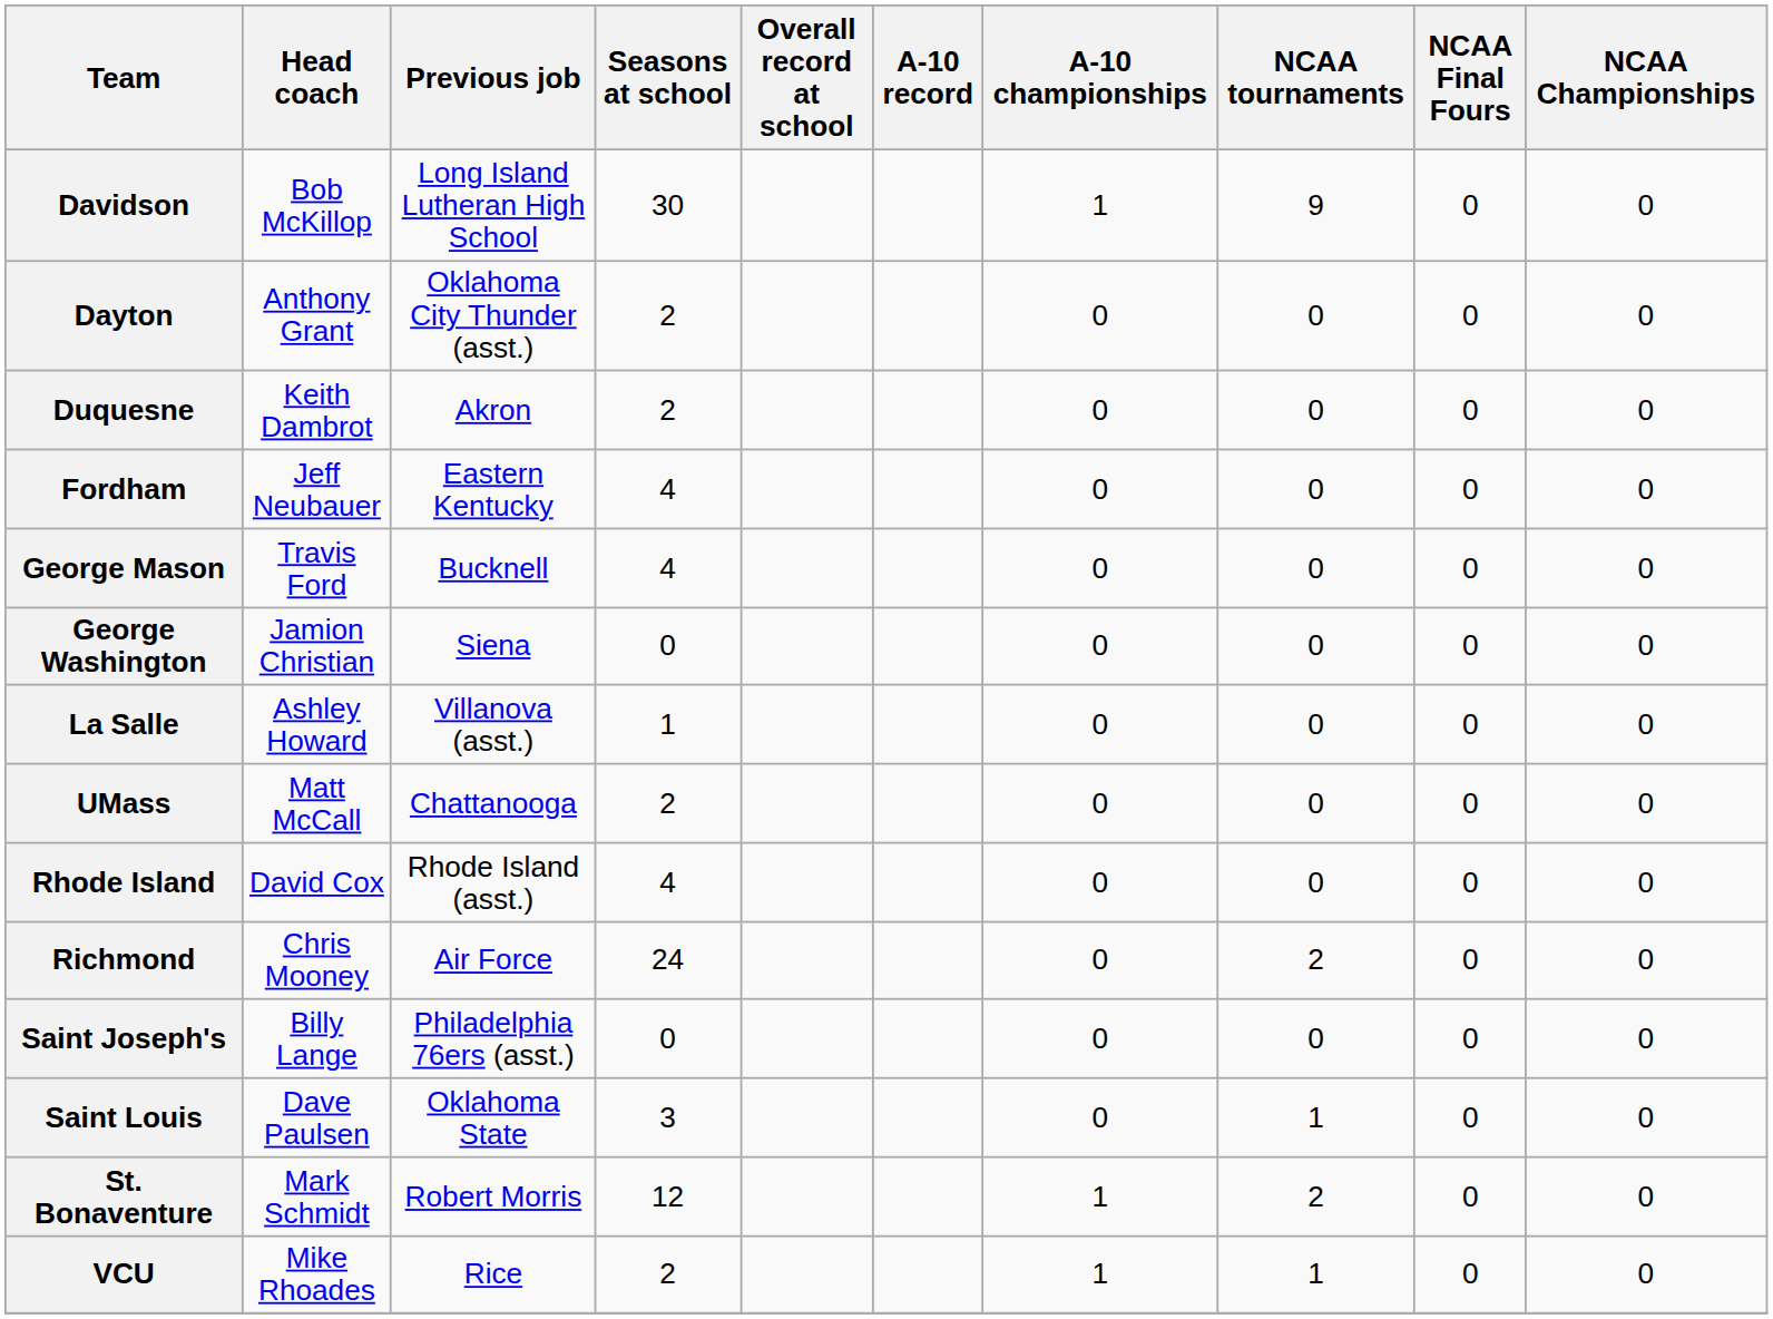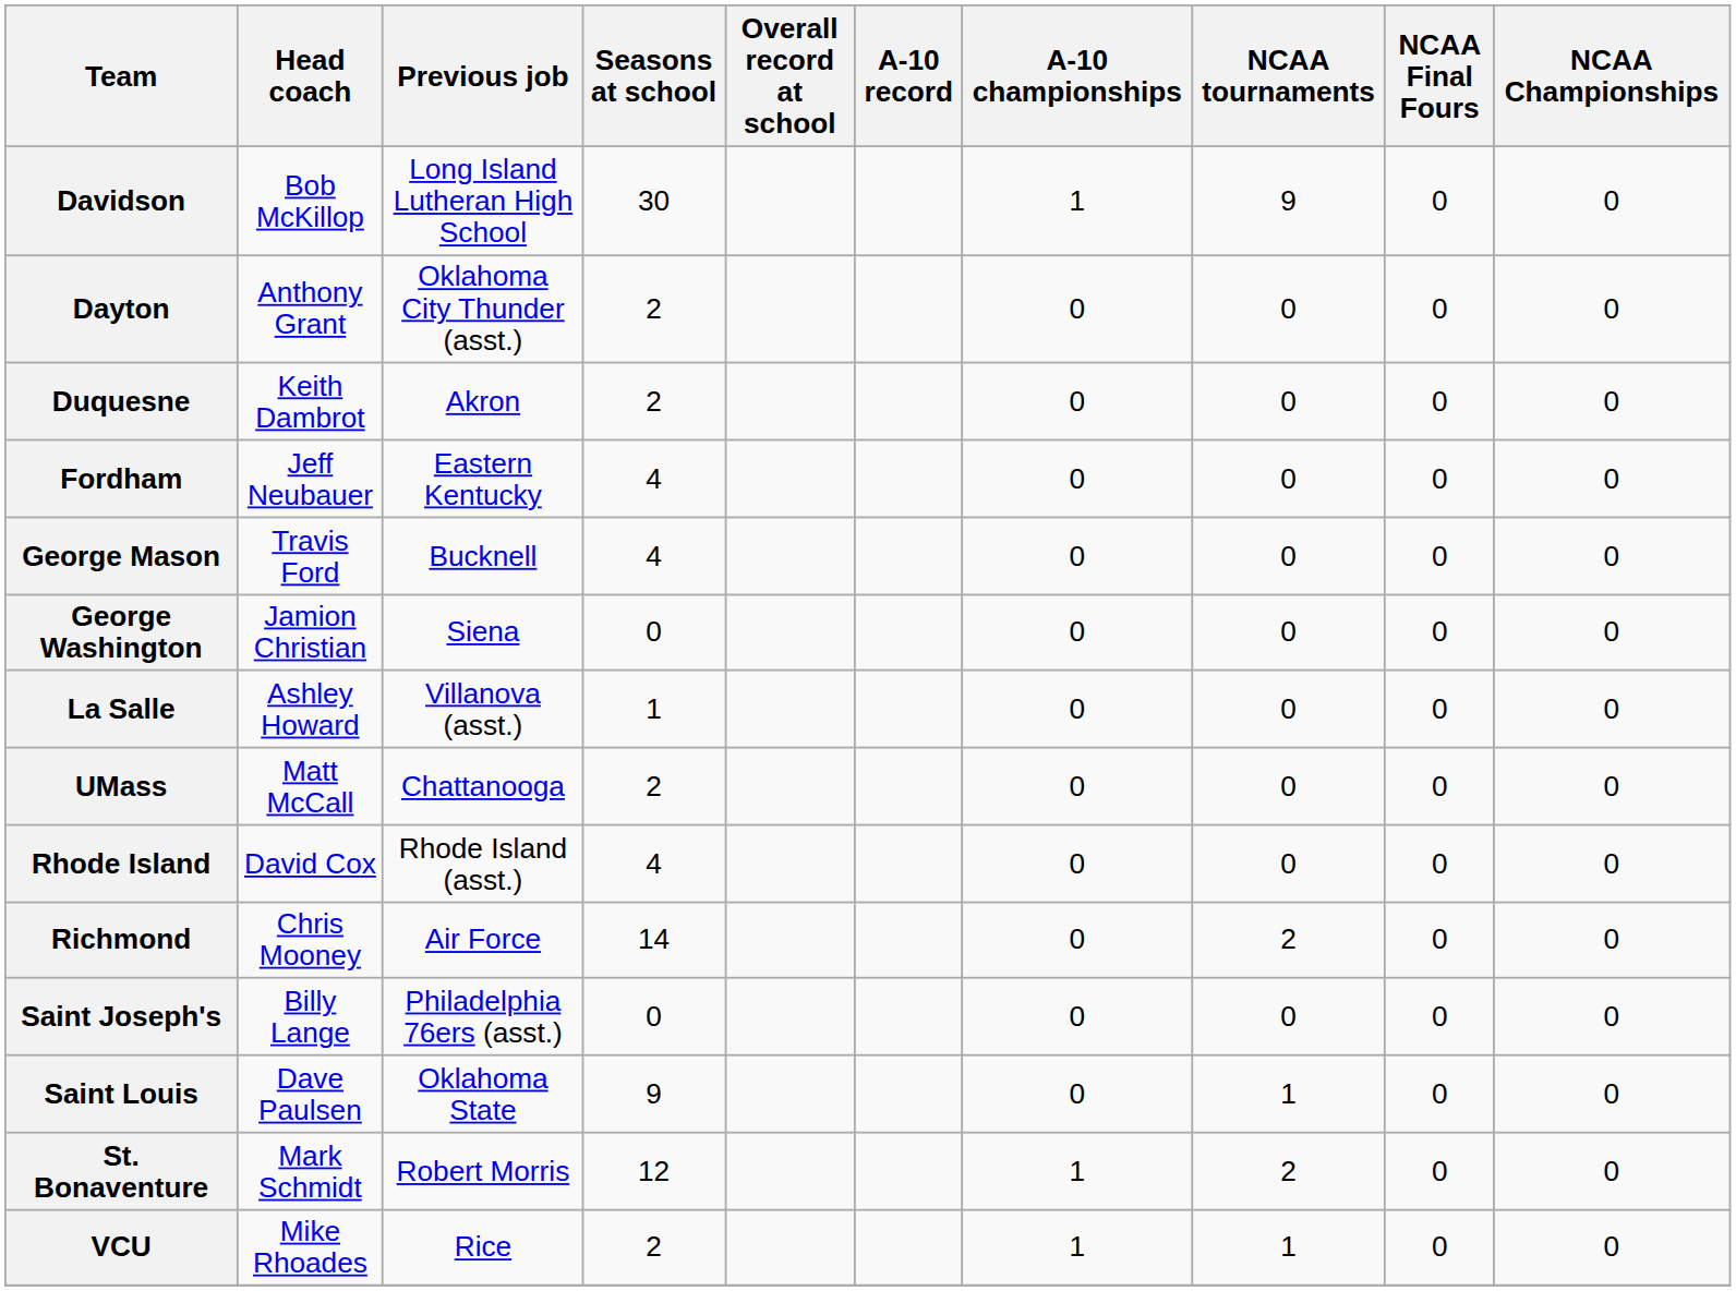 <table class="wikitable sortable" style="text-align: center;font-size:90%;">
 <tr>
 <th width="110">Team</th>
 <th>Head coach</th>
 <th>Previous job</th>
 <th>Seasons at school</th>
 <th>Overall record at school</th>
 <th>A-10 record</th>
 <th>A-10 championships</th>
 <th>NCAA tournaments</th>
 <th>NCAA Final Fours</th>
 <th>NCAA Championships</th>
 </tr>
 <tr>
 <th style=>Davidson</th>
 <td><a href='#'>Bob McKillop</a></td>
 <td><a href='#'>Long Island Lutheran High School</a></td>
 <td>30</td>
 <td></td>
 <td></td>
 <td>1</td>
 <td>9</td>
 <td>0</td>
 <td>0</td>
 </tr>
 <tr>
 <th style="background:#">Dayton</th>
 <td><a href='#'>Anthony Grant</a></td>
 <td><a href='#'>Oklahoma City Thunder</a> (asst.)</td>
 <td>2</td>
 <td></td>
 <td></td>
 <td>0</td>
 <td>0</td>
 <td>0</td>
 <td>0</td>
 </tr>
 <tr>
 <th style=>Duquesne</th>
 <td><a href='#'>Keith Dambrot</a></td>
 <td><a href='#'>Akron</a></td>
 <td>2</td>
 <td></td>
 <td></td>
 <td>0</td>
 <td>0</td>
 <td>0</td>
 <td>0</td>
 </tr>
 <tr>
 <th style=>Fordham</th>
 <td><a href='#'>Jeff Neubauer</a></td>
 <td><a href='#'>Eastern Kentucky</a></td>
 <td>4</td>
 <td></td>
 <td></td>
 <td>0</td>
 <td>0</td>
 <td>0</td>
 <td>0</td>
 </tr>
 <tr>
 <th style=>George Mason</th>
 <td><a href='#'>Travis Ford</a></td>
 <td><a href='#'>Bucknell</a></td>
 <td>4</td>
 <td></td>
 <td></td>
 <td>0</td>
 <td>0</td>
 <td>0</td>
 <td>0</td>
 </tr>
 <tr>
 <th style=>George Washington</th>
 <td><a href='#'>Jamion Christian</a></td>
 <td><a href='#'>Siena</a></td>
 <td>0</td>
 <td></td>
 <td></td>
 <td>0</td>
 <td>0</td>
 <td>0</td>
 <td>0</td>
 </tr>
 <tr>
 <th style=>La Salle</th>
 <td><a href='#'>Ashley Howard</a></td>
 <td><a href='#'>Villanova</a> (asst.)</td>
 <td>1</td>
 <td></td>
 <td></td>
 <td>0</td>
 <td>0</td>
 <td>0</td>
 <td>0</td>
 </tr>
 <tr>
 <th style=>UMass</th>
 <td><a href='#'>Matt McCall</a></td>
 <td><a href='#'>Chattanooga</a></td>
 <td>2</td>
 <td></td>
 <td></td>
 <td>0</td>
 <td>0</td>
 <td>0</td>
 <td>0</td>
 </tr>
 <tr>
 <th style=>Rhode Island</th>
 <td><a href='#'>David Cox</a></td>
 <td>Rhode Island (asst.)</td>
 <td>4</td>
 <td></td>
 <td></td>
 <td>0</td>
 <td>0</td>
 <td>0</td>
 <td>0</td>
 </tr>
 <tr>
 <th style=>Richmond</th>
 <td><a href='#'>Chris Mooney</a></td>
 <td><a href='#'>Air Force</a></td>
-<td>24</td>
+<td>14</td>
 <td></td>
 <td></td>
 <td>0</td>
 <td>2</td>
 <td>0</td>
 <td>0</td>
 </tr>
 <tr>
 <th style=>Saint Joseph's</th>
 <td><a href='#'>Billy Lange</a></td>
 <td><a href='#'>Philadelphia 76ers</a> (asst.)</td>
 <td>0</td>
 <td></td>
 <td></td>
 <td>0</td>
 <td>0</td>
 <td>0</td>
 <td>0</td>
 </tr>
 <tr>
 <th style=>Saint Louis</th>
 <td><a href='#'>Dave Paulsen</a></td>
 <td><a href='#'>Oklahoma State</a></td>
-<td>3</td>
+<td>9</td>
 <td></td>
 <td></td>
 <td>0</td>
 <td>1</td>
 <td>0</td>
 <td>0</td>
 </tr>
 <tr>
 <th style=>St. Bonaventure</th>
 <td><a href='#'>Mark Schmidt</a></td>
 <td><a href='#'>Robert Morris</a></td>
 <td>12</td>
 <td></td>
 <td></td>
 <td>1</td>
 <td>2</td>
 <td>0</td>
 <td>0</td>
 </tr>
 <tr>
 <th style=>VCU</th>
 <td><a href='#'>Mike Rhoades</a></td>
 <td><a href='#'>Rice</a></td>
 <td>2</td>
 <td></td>
 <td></td>
 <td>1</td>
 <td>1</td>
 <td>0</td>
 <td>0</td>
 </tr>
 <tr>
 </tr>
 </table>
